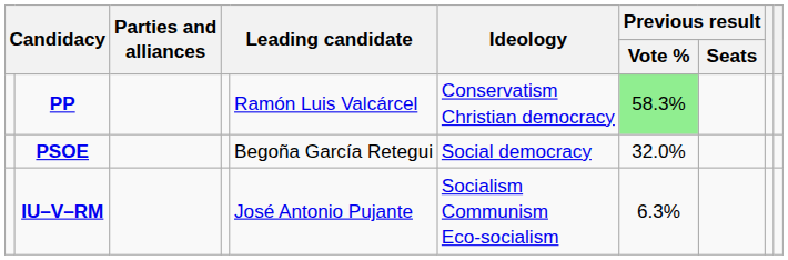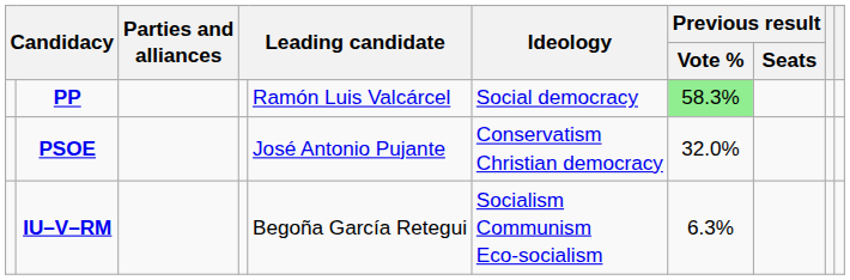 <table class="wikitable" style="line-height:1.35em; text-align:left;">
 <tr>
 <th colspan="2" rowspan="2">Candidacy</th>
 <th rowspan="2">Parties and<br>alliances</th>
 <th colspan="2" rowspan="2">Leading candidate</th>
 <th rowspan="2">Ideology</th>
 <th colspan="2">Previous result</th>
 <th rowspan="2"></th>
 <th rowspan="2"></th>
 </tr>
 <tr>
 <th>Vote %</th>
 <th>Seats</th>
 </tr>
 <tr>
 <td width="1" style="color:inherit;background:"></td>
 <td align="center"><strong><a href='#'>PP</a></strong></td>
 <td></td>
 <td></td>
 <td><a href='#'>Ramón Luis Valcárcel</a></td>
-<td><a href='#'>Conservatism</a><br><a href='#'>Christian democracy</a></td>
+<td><a href='#'>Social democracy</a></td>
 <td align="center" style="background: lightgreen;">58.3%</td>
 <td></td>
 <td></td>
 <td></td>
 </tr>
 <tr>
 <td style="color:inherit;background:"></td>
 <td align="center"><strong><a href='#'>PSOE</a></strong></td>
 <td></td>
 <td></td>
-<td>Begoña García Retegui</td>
-<td><a href='#'>Social democracy</a></td>
+<td><a href='#'>José Antonio Pujante</a></td>
+<td><a href='#'>Conservatism</a><br><a href='#'>Christian democracy</a></td>
 <td align="center">32.0%</td>
 <td></td>
 <td></td>
 <td></td>
 </tr>
 <tr>
 <td style="color:inherit;background:"></td>
 <td align="center"><strong><a href='#'>IU–V–RM</a></strong></td>
 <td></td>
 <td></td>
-<td><a href='#'>José Antonio Pujante</a></td>
+<td>Begoña García Retegui</td>
 <td><a href='#'>Socialism</a><br><a href='#'>Communism</a><br><a href='#'>Eco-socialism</a></td>
 <td align="center">6.3%</td>
 <td></td>
 <td></td>
 <td><br></td>
 </tr>
 </table>
